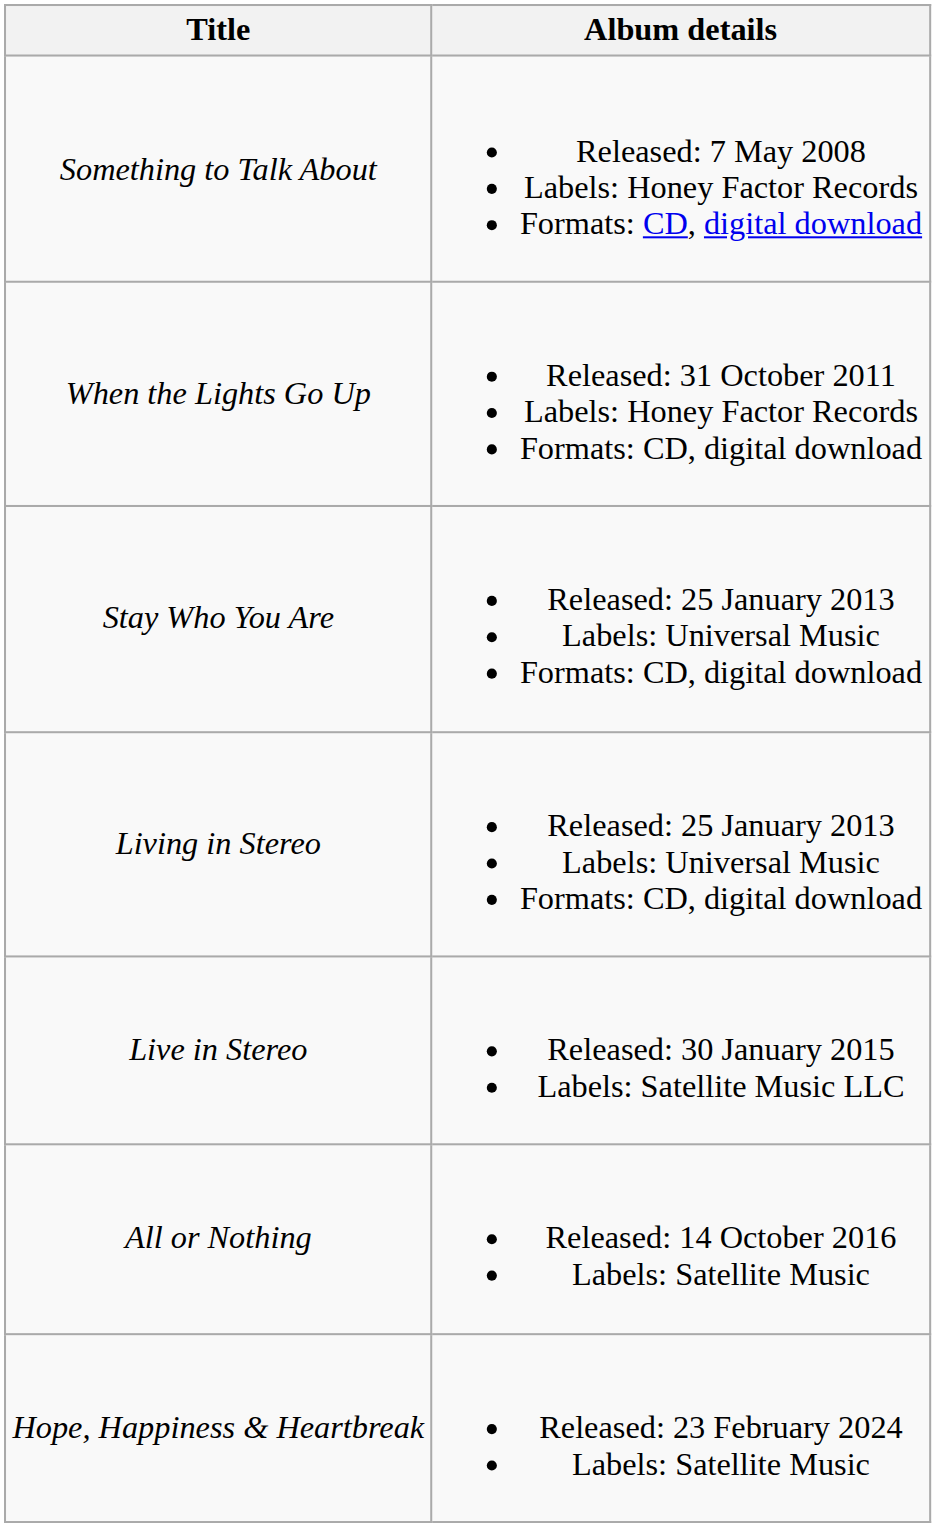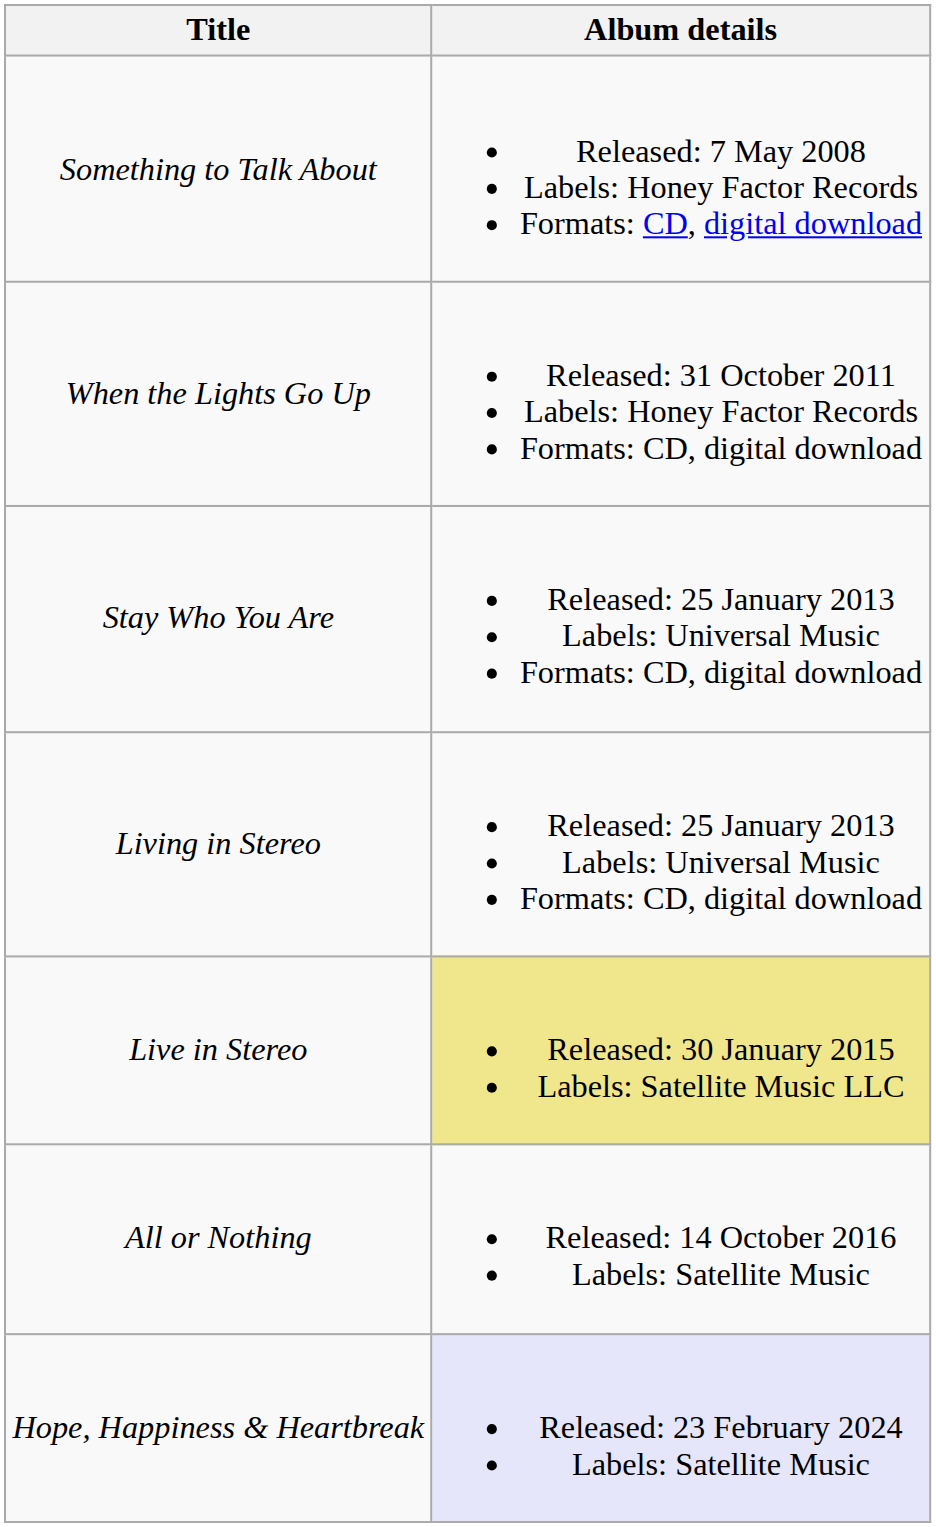 <table class="wikitable plainrowheaders" style="text-align:center;">
 <tr>
 <th scope="col">Title</th>
 <th scope="col">Album details</th>
 </tr>
 <tr>
 <td scope="row"><em>Something to Talk About</em></td>
 <td><br><ul><li>Released: 7 May 2008</li><li>Labels: Honey Factor Records</li><li>Formats: <a href='#'>CD</a>, <a href='#'>digital download</a></li></ul></td>
 </tr>
 <tr>
 <td scope="row"><em>When the Lights Go Up</em></td>
 <td><br><ul><li>Released: 31 October 2011</li><li>Labels: Honey Factor Records</li><li>Formats: CD, digital download</li></ul></td>
 </tr>
 <tr>
 <td><em>Stay Who You Are</em></td>
 <td><br><ul><li>Released: 25 January 2013</li><li>Labels: Universal Music</li><li>Formats: CD, digital download</li></ul></td>
 </tr>
 <tr>
 <td><em>Living in Stereo</em></td>
 <td><br><ul><li>Released: 25 January 2013</li><li>Labels: Universal Music</li><li>Formats: CD, digital download</li></ul></td>
 </tr>
 <tr>
 <td><em>Live in Stereo</em></td>
-<td><br><ul><li>Released: 30 January 2015</li><li>Labels: Satellite Music LLC</li></ul></td>
+<td style="background: khaki;"><br><ul><li>Released: 30 January 2015</li><li>Labels: Satellite Music LLC</li></ul></td>
 </tr>
 <tr>
 <td><em>All or Nothing</em></td>
 <td><br><ul><li>Released: 14 October 2016</li><li>Labels: Satellite Music</li></ul></td>
 </tr>
 <tr>
 <td scope="row"><em>Hope, Happiness & Heartbreak</em></td>
-<td><br><ul><li>Released: 23 February 2024</li><li>Labels: Satellite Music</li></ul></td>
+<td style="background: lavender;"><br><ul><li>Released: 23 February 2024</li><li>Labels: Satellite Music</li></ul></td>
 </tr>
 </table>
